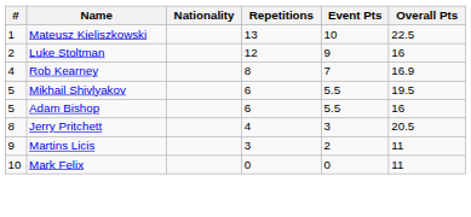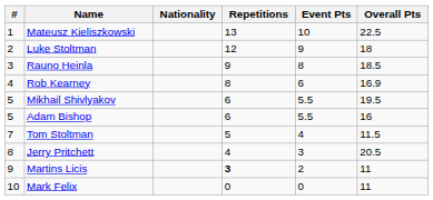 <table class="wikitable sortable" style="display: inline-table;width: 100%;">
 <tr>
 <th>#</th>
 <th>Name</th>
 <th>Nationality</th>
 <th>Repetitions</th>
 <th>Event Pts</th>
 <th>Overall Pts</th>
 </tr>
 <tr>
 <td>1</td>
 <td><a href='#'>Mateusz Kieliszkowski</a></td>
 <td></td>
 <td>13</td>
 <td>10</td>
 <td>22.5</td>
 </tr>
 <tr>
 <td>2</td>
 <td><a href='#'>Luke Stoltman</a></td>
 <td></td>
 <td>12</td>
 <td>9</td>
-<td>16</td>
+<td>18</td>
+</tr>
+<tr>
+<td>3</td>
+<td><a href='#'>Rauno Heinla</a></td>
+<td></td>
+<td>9</td>
+<td>8</td>
+<td>18.5</td>
 </tr>
 <tr>
 <td>4</td>
 <td><a href='#'>Rob Kearney</a></td>
 <td></td>
 <td>8</td>
-<td>7</td>
+<td>6</td>
 <td>16.9</td>
 </tr>
 <tr>
 <td>5</td>
 <td><a href='#'>Mikhail Shivlyakov</a></td>
 <td></td>
 <td>6</td>
 <td>5.5</td>
 <td>19.5</td>
 </tr>
 <tr>
 <td>5</td>
 <td><a href='#'>Adam Bishop</a></td>
 <td></td>
 <td>6</td>
 <td>5.5</td>
 <td>16</td>
 </tr>
 <tr>
+<td>7</td>
+<td><a href='#'>Tom Stoltman</a></td>
+<td></td>
+<td>5</td>
+<td>4</td>
+<td>11.5</td>
+</tr>
+<tr>
 <td>8</td>
 <td><a href='#'>Jerry Pritchett</a></td>
 <td></td>
 <td>4</td>
 <td>3</td>
 <td>20.5</td>
 </tr>
 <tr>
 <td>9</td>
 <td><a href='#'>Martins Licis</a></td>
 <td></td>
-<td>3</td>
+<td><strong>3</strong></td>
 <td>2</td>
 <td>11</td>
 </tr>
 <tr>
 <td>10</td>
 <td><a href='#'>Mark Felix</a></td>
 <td></td>
 <td>0</td>
 <td>0</td>
 <td>11</td>
 </tr>
 </table>
